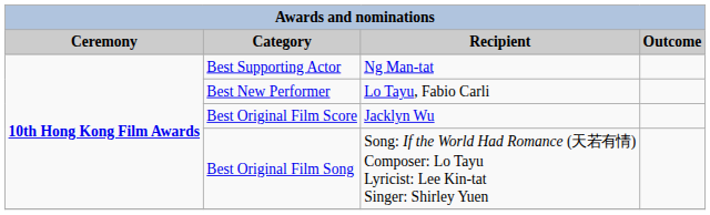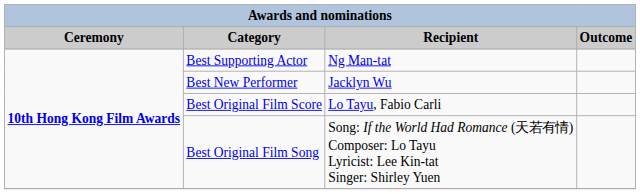 <table class="wikitable" style="font-size:95%">
 <tr style="background:#ccc; text-align:center;">
 <th colspan="4" style="background: LightSteelBlue;">Awards and nominations</th>
 </tr>
 <tr style="background:#ccc; text-align:center;">
 <th style="background:#ccc">Ceremony</th>
 <th style="background:#ccc">Category</th>
 <th style="background:#ccc">Recipient</th>
 <th style="background:#ccc">Outcome</th>
 </tr>
 <tr>
 <td rowspan=4><strong><a href='#'>10th Hong Kong Film Awards</a></strong></td>
 <td><a href='#'>Best Supporting Actor</a></td>
 <td><a href='#'>Ng Man-tat</a></td>
 <td></td>
 </tr>
 <tr>
 <td><a href='#'>Best New Performer</a></td>
-<td><a href='#'>Lo Tayu</a>, Fabio Carli</td>
+<td><a href='#'>Jacklyn Wu</a></td>
 <td></td>
 </tr>
 <tr>
 <td><a href='#'>Best Original Film Score</a></td>
-<td><a href='#'>Jacklyn Wu</a></td>
+<td><a href='#'>Lo Tayu</a>, Fabio Carli</td>
 <td></td>
 </tr>
 <tr>
 <td><a href='#'>Best Original Film Song</a></td>
 <td>Song: <em>If the World Had Romance</em> (天若有情)<br>Composer: Lo Tayu <br>Lyricist: Lee Kin-tat <br>Singer: Shirley Yuen</td>
 <td></td>
 </tr>
 <tr>
 </tr>
 </table>
